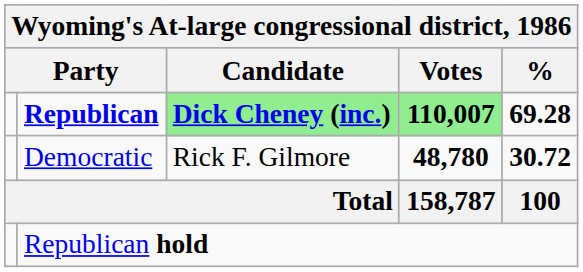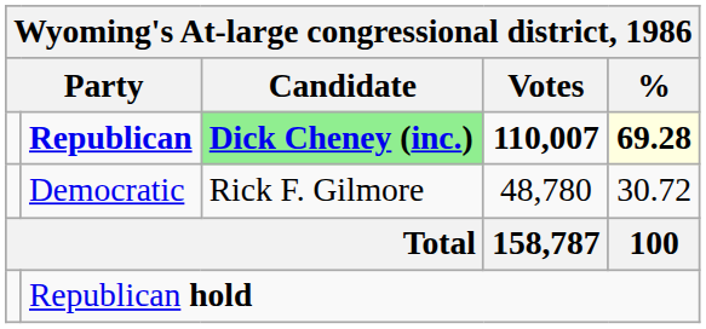 <table class=wikitable>
 <tr>
 <th colspan = 6>Wyoming's At-large congressional district, 1986</th>
 </tr>
 <tr>
 <th colspan=2>Party</th>
 <th>Candidate</th>
 <th>Votes</th>
 <th>%</th>
 </tr>
 <tr>
 <td></td>
 <td><strong><a href='#'>Republican</a></strong></td>
 <td style="background: lightgreen;"><strong><a href='#'>Dick Cheney</a> (<a href='#'>inc.</a>)</strong></td>
-<td align=center style="background: lightgreen;"><strong>110,007</strong></td>
-<td align=center><strong>69.28</strong></td>
+<td align=center><strong>110,007</strong></td>
+<td align=center style="background: lightyellow;"><strong>69.28</strong></td>
 </tr>
 <tr>
 <td></td>
 <td><a href='#'>Democratic</a></td>
 <td>Rick F. Gilmore</td>
-<td align=center><strong>48,780</strong></td>
-<td align=center><strong>30.72</strong></td>
+<td align=center>48,780</td>
+<td align=center>30.72</td>
 </tr>
 <tr>
 <th colspan=3; style="text-align:right;">Total</th>
 <th align=center>158,787</th>
 <th align=center>100</th>
 </tr>
 <tr>
 <td></td>
 <td colspan=6; style="text-align:left;"><a href='#'>Republican</a> <strong>hold</strong></td>
 </tr>
 </table>
